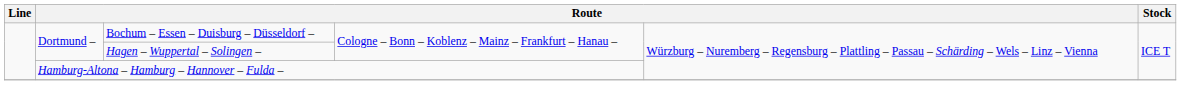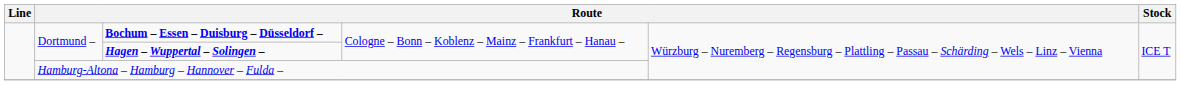 <table class="wikitable" width="100%">
 <tr class="hintergrundfarbe5">
 <th>Line</th>
 <th colspan="4">Route</th>
 <th>Stock</th>
 </tr>
 <tr>
 <td rowspan="3"></td>
 <td rowspan="2"><a href='#'>Dortmund</a> –</td>
-<td><a href='#'>Bochum</a> – <a href='#'>Essen</a> – <a href='#'>Duisburg</a> – <a href='#'>Düsseldorf</a> –</td>
+<td><strong><a href='#'>Bochum</a> – <a href='#'>Essen</a> – <a href='#'>Duisburg</a> – <a href='#'>Düsseldorf</a> –</strong></td>
 <td rowspan="2"><a href='#'>Cologne</a> – <a href='#'>Bonn</a> – <a href='#'>Koblenz</a> – <a href='#'>Mainz</a> –  <a href='#'>Frankfurt</a> – <a href='#'>Hanau</a> –</td>
 <td rowspan="3"><a href='#'>Würzburg</a> – <a href='#'>Nuremberg</a> – <a href='#'>Regensburg</a> – <a href='#'>Plattling</a> – <a href='#'>Passau</a> – <em><a href='#'>Schärding</a> –</em> <a href='#'>Wels</a> – <a href='#'>Linz</a> –   <a href='#'>Vienna</a></td>
 <td rowspan="3"><a href='#'>ICE T</a></td>
 </tr>
 <tr>
-<td><em><a href='#'>Hagen</a> – <a href='#'>Wuppertal</a> – <a href='#'>Solingen</a> –</em></td>
+<td><strong><em><a href='#'>Hagen</a> – <a href='#'>Wuppertal</a> – <a href='#'>Solingen</a> –</em></strong></td>
 </tr>
 <tr>
 <td colspan="3"><em><a href='#'>Hamburg-Altona</a> –  <a href='#'>Hamburg</a> –  <a href='#'>Hannover</a> –  <a href='#'>Fulda</a> –</em></td>
 </tr>
 <tr>
 </tr>
 </table>
